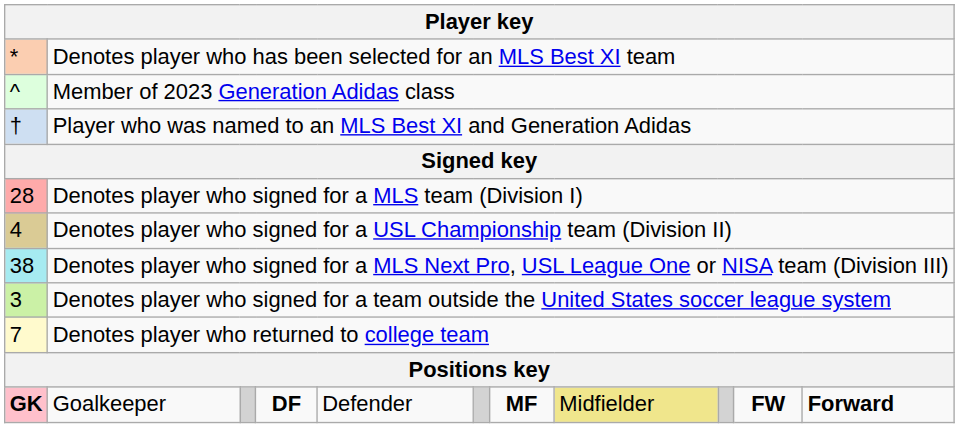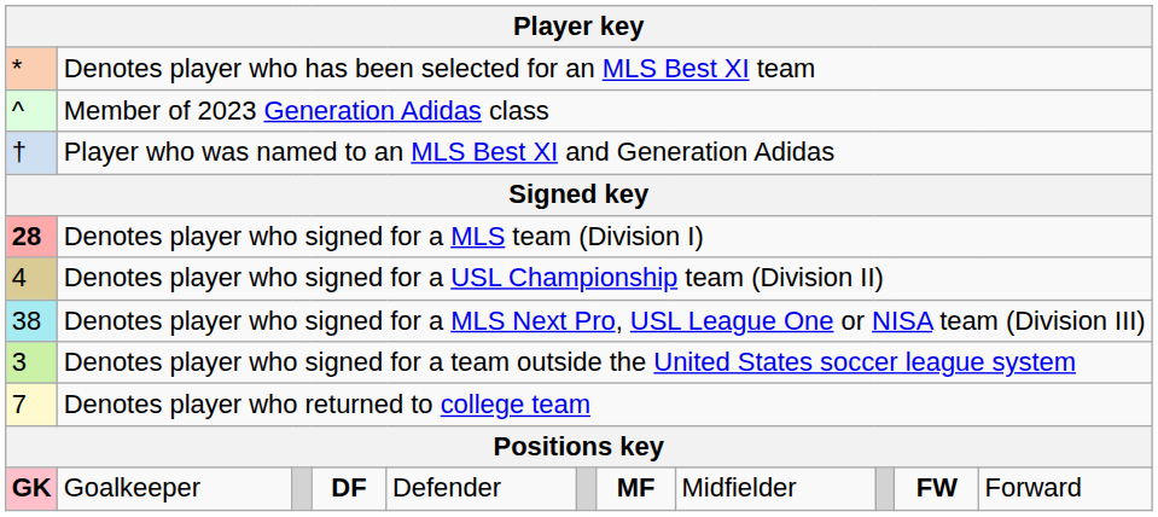 <table class="wikitable">
 <tr>
 <th colspan="11">Player key</th>
 </tr>
 <tr>
 <td scope="row" style="background:#FBCEB1;">*</td>
 <td colspan="11">Denotes player who has been selected for an <a href='#'>MLS Best XI</a> team</td>
 </tr>
 <tr>
 <td scope="row" style="background:#ddffdd;">^</td>
 <td colspan="11">Member of 2023 <a href='#'>Generation Adidas</a> class</td>
 </tr>
 <tr>
 <td scope="row" style="background:#cedff2;">†</td>
 <td colspan="11">Player who was named to an <a href='#'>MLS Best XI</a> and Generation Adidas</td>
 </tr>
 <tr>
 <th colspan="11">Signed key</th>
 </tr>
 <tr>
-<td scope="row" style="background:#FEAAAA;">28</td>
+<td scope="row" style="background:#FEAAAA;"><strong>28</strong></td>
 <td colspan="11">Denotes player who signed for a <a href='#'>MLS</a> team (Division I)</td>
 </tr>
 <tr>
 <td scope="row" style="background:#DACB95;">4</td>
 <td colspan="11">Denotes player who signed for a <a href='#'>USL Championship</a> team (Division II)</td>
 </tr>
 <tr>
 <td scope="row" style="background:#A6EBF1;">38</td>
 <td colspan="11">Denotes player who signed for a <a href='#'>MLS Next Pro</a>, <a href='#'>USL League One</a> or <a href='#'>NISA</a> team (Division III)</td>
 </tr>
 <tr>
 <td scope="row" style="background:#CBF1A6;">3</td>
 <td colspan="11">Denotes player who signed for a team outside the <a href='#'>United States soccer league system</a></td>
 </tr>
 <tr>
 <td scope="row" style="background:#FFFACD;">7</td>
 <td colspan="11">Denotes player who returned to <a href='#'>college team</a></td>
 </tr>
 <tr>
 <th colspan="11">Positions key</th>
 </tr>
 <tr>
 <td style="background: pink; text-align:center;"><strong>GK</strong></td>
 <td style="text-align:left;">Goalkeeper</td>
 <td style="background-color:lightgrey;"></td>
 <td style="text-align:center;"><strong>DF</strong></td>
 <td style="text-align:left;">Defender</td>
 <td style="background-color:lightgrey;"></td>
 <td style="text-align:center;"><strong>MF</strong></td>
-<td style="background: khaki; text-align:left;">Midfielder</td>
+<td style="text-align:left;">Midfielder</td>
 <td style="background-color:lightgrey;"></td>
 <td style="text-align:center;"><strong>FW</strong></td>
-<td style="text-align:left;"><strong>Forward</strong></td>
+<td style="text-align:left;">Forward</td>
 </tr>
 </table>
